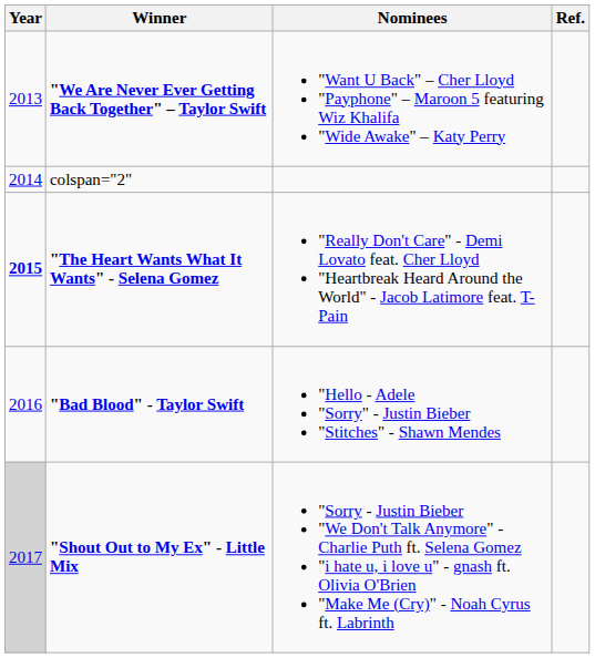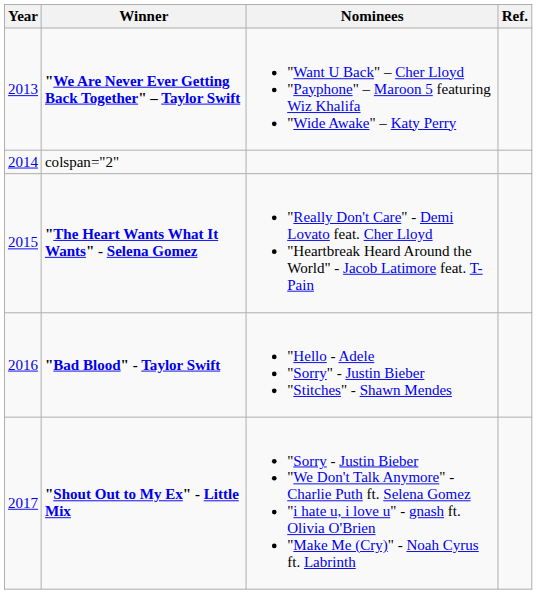 <table class="wikitable" width=90%>
 <tr>
 <th>Year</th>
 <th>Winner</th>
 <th>Nominees</th>
 <th>Ref.</th>
 </tr>
 <tr>
 <td align="center"><a href='#'>2013</a></td>
 <td><strong>"<a href='#'>We Are Never Ever Getting Back Together</a>" – <a href='#'>Taylor Swift</a></strong></td>
 <td><br><ul><li>"<a href='#'>Want U Back</a>" – <a href='#'>Cher Lloyd</a></li><li>"<a href='#'>Payphone</a>" – <a href='#'>Maroon 5</a> featuring <a href='#'>Wiz Khalifa</a></li><li>"<a href='#'>Wide Awake</a>" – <a href='#'>Katy Perry</a></li></ul></td>
 <td align="center"></td>
 </tr>
 <tr>
 <td align="center"><a href='#'>2014</a></td>
 <td>colspan="2" </td>
 <td align="center"></td>
 </tr>
 <tr>
-<td align="center"><strong><a href='#'>2015</a></strong></td>
+<td align="center"><a href='#'>2015</a></td>
 <td><strong>"<a href='#'>The Heart Wants What It Wants</a>" - <a href='#'>Selena Gomez</a></strong></td>
 <td><br><ul><li>"<a href='#'>Really Don't Care</a>" - <a href='#'>Demi Lovato</a> feat. <a href='#'>Cher Lloyd</a></li><li>"Heartbreak Heard Around the World" - <a href='#'>Jacob Latimore</a> feat. <a href='#'>T-Pain</a></li></ul></td>
 <td align="center"></td>
 </tr>
 <tr>
 <td align="center"><a href='#'>2016</a></td>
 <td><strong>"<a href='#'>Bad Blood</a>" - <a href='#'>Taylor Swift</a></strong></td>
 <td><br><ul><li>"<a href='#'>Hello</a> - <a href='#'>Adele</a></li><li>"<a href='#'>Sorry</a>" - <a href='#'>Justin Bieber</a></li><li>"<a href='#'>Stitches</a>" - <a href='#'>Shawn Mendes</a></li></ul></td>
 <td align="center"></td>
 </tr>
 <tr>
-<td align="center" style="background: lightgrey;"><a href='#'>2017</a></td>
+<td align="center"><a href='#'>2017</a></td>
 <td><strong>"<a href='#'>Shout Out to My Ex</a>" - <a href='#'>Little Mix</a></strong></td>
 <td><br><ul><li>"<a href='#'>Sorry</a> - <a href='#'>Justin Bieber</a></li><li>"<a href='#'>We Don't Talk Anymore</a>" - <a href='#'>Charlie Puth</a> ft. <a href='#'>Selena Gomez</a></li><li>"<a href='#'>i hate u, i love u</a>" - <a href='#'>gnash</a> ft. <a href='#'>Olivia O'Brien</a></li><li>"<a href='#'>Make Me (Cry)</a>" - <a href='#'>Noah Cyrus</a> ft. <a href='#'>Labrinth</a></li></ul></td>
 <td align="center"></td>
 </tr>
 </table>
